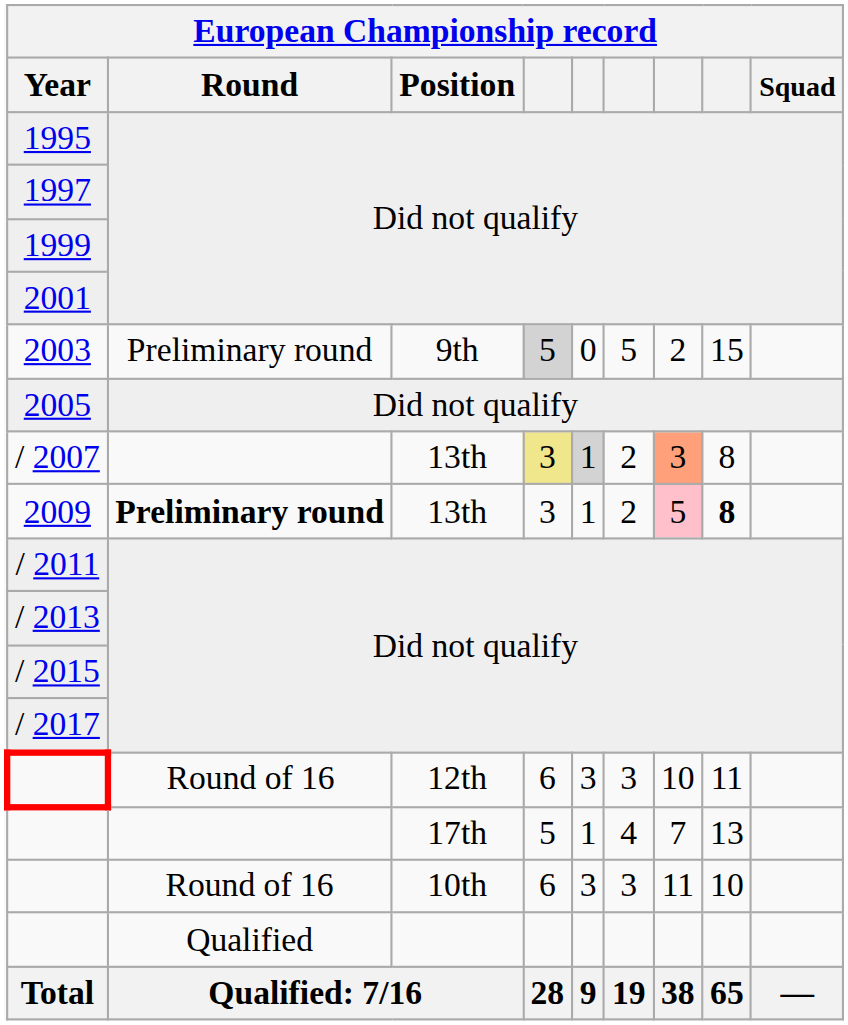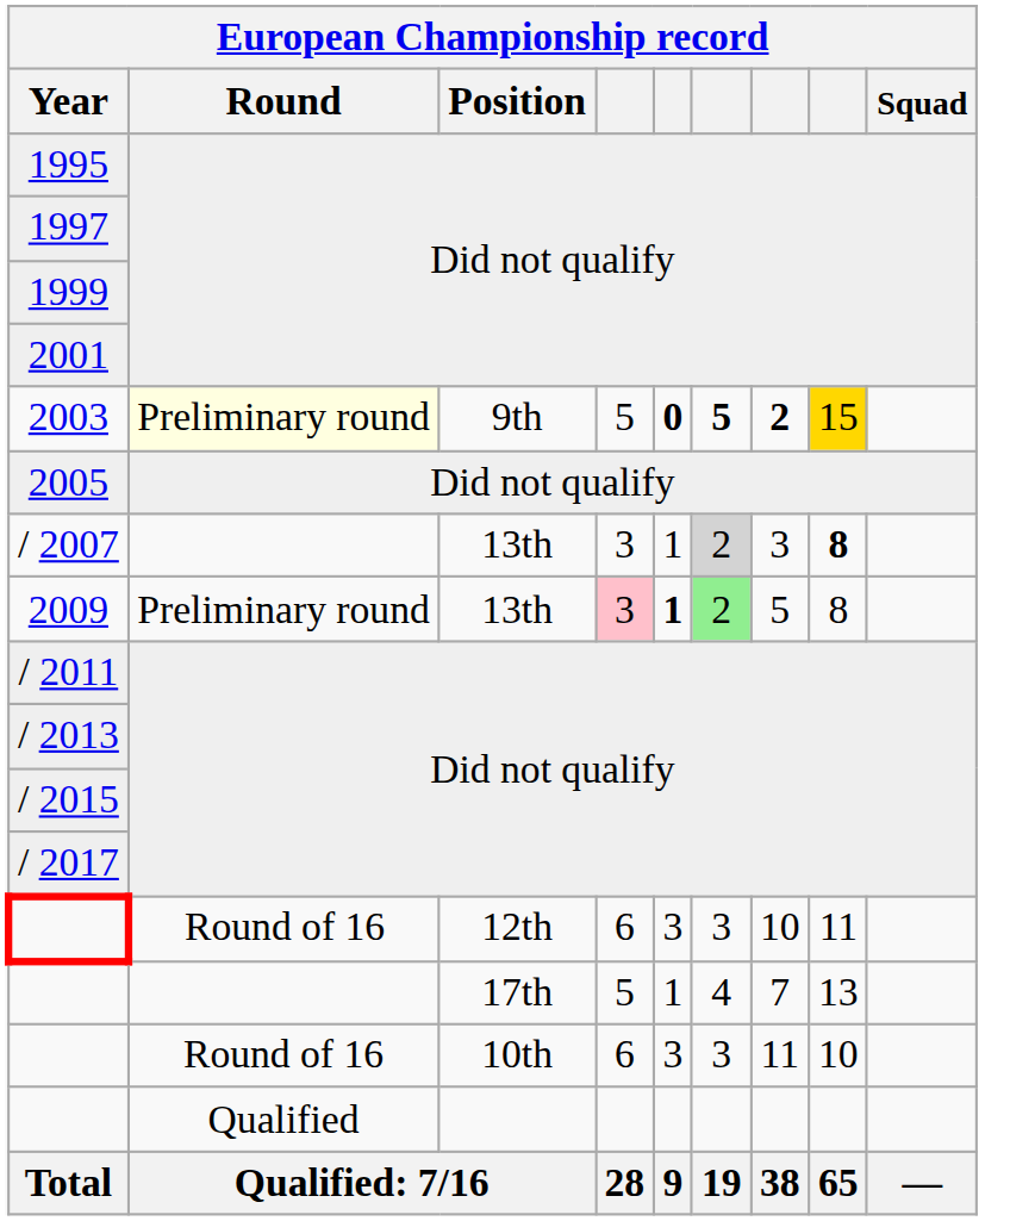 <table class="wikitable" style="text-align: center;">
 <tr>
 <th colspan=10><a href='#'>European Championship record</a></th>
 </tr>
 <tr>
 <th>Year</th>
 <th>Round</th>
 <th>Position</th>
 <th></th>
 <th></th>
 <th></th>
 <th></th>
 <th></th>
 <th><small>Squad</small></th>
 </tr>
 <tr bgcolor="efefef">
 <td> <a href='#'>1995</a></td>
 <td colspan=9 rowspan=4 align=center>Did not qualify</td>
 </tr>
 <tr bgcolor="efefef">
 <td> <a href='#'>1997</a></td>
 </tr>
 <tr bgcolor="efefef">
 <td> <a href='#'>1999</a></td>
 </tr>
 <tr bgcolor="efefef">
 <td> <a href='#'>2001</a></td>
 </tr>
 <tr>
 <td> <a href='#'>2003</a></td>
-<td>Preliminary round</td>
+<td style="background: lightyellow;">Preliminary round</td>
 <td>9th</td>
-<td style="background: lightgrey;">5</td>
-<td>0</td>
 <td>5</td>
-<td>2</td>
-<td>15</td>
+<td><strong>0</strong></td>
+<td><strong>5</strong></td>
+<td><strong>2</strong></td>
+<td style="background: gold;">15</td>
 <td></td>
 </tr>
 <tr bgcolor="efefef">
 <td> <a href='#'>2005</a></td>
 <td colspan=8 rowspan=1 align=center>Did not qualify</td>
 </tr>
 <tr>
 <td>/ <a href='#'>2007</a></td>
 <td></td>
 <td>13th</td>
-<td style="background: khaki;">3</td>
-<td style="background: lightgrey;">1</td>
-<td>2</td>
-<td style="background: lightsalmon;">3</td>
-<td>8</td>
+<td>3</td>
+<td>1</td>
+<td style="background: lightgrey;">2</td>
+<td>3</td>
+<td><strong>8</strong></td>
 <td></td>
 </tr>
 <tr>
 <td> <a href='#'>2009</a></td>
-<td><strong>Preliminary round</strong></td>
+<td>Preliminary round</td>
 <td>13th</td>
-<td>3</td>
-<td>1</td>
-<td>2</td>
-<td style="background: pink;">5</td>
-<td><strong>8</strong></td>
+<td style="background: pink;">3</td>
+<td><strong>1</strong></td>
+<td style="background: lightgreen;">2</td>
+<td>5</td>
+<td>8</td>
 <td></td>
 </tr>
 <tr bgcolor="efefef">
 <td>/ <a href='#'>2011</a></td>
 <td colspan=9 rowspan=4 align=center>Did not qualify</td>
 </tr>
 <tr bgcolor="efefef">
 <td>/ <a href='#'>2013</a></td>
 </tr>
 <tr bgcolor="efefef">
 <td>/ <a href='#'>2015</a></td>
 </tr>
 <tr bgcolor="efefef">
 <td>/ <a href='#'>2017</a></td>
 </tr>
 <tr>
 <td style="border: 3px solid red"></td>
 <td>Round of 16</td>
 <td>12th</td>
 <td>6</td>
 <td>3</td>
 <td>3</td>
 <td>10</td>
 <td>11</td>
 <td></td>
 </tr>
 <tr>
 <td></td>
 <td></td>
 <td>17th</td>
 <td>5</td>
 <td>1</td>
 <td>4</td>
 <td>7</td>
 <td>13</td>
 <td></td>
 </tr>
 <tr>
 <td></td>
 <td>Round of 16</td>
 <td>10th</td>
 <td>6</td>
 <td>3</td>
 <td>3</td>
 <td>11</td>
 <td>10</td>
 <td></td>
 </tr>
 <tr>
 <td></td>
 <td>Qualified</td>
 <td></td>
 <td></td>
 <td></td>
 <td></td>
 <td></td>
 <td></td>
 <td></td>
 </tr>
 <tr bgcolor="efefef">
 <th>Total</th>
 <th colspan="2">Qualified: 7/16</th>
 <th>28</th>
 <th>9</th>
 <th>19</th>
 <th>38</th>
 <th>65</th>
 <th>—</th>
 </tr>
 </table>
